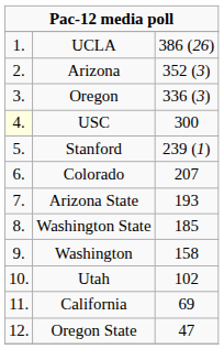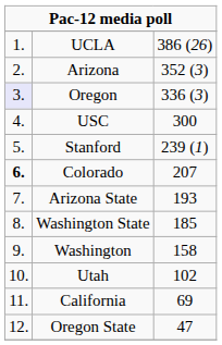 <table class="wikitable" style="display: inline-table;">
 <tr>
 <td align="center" Colspan="3"><strong>Pac-12 media poll</strong></td>
 </tr>
 <tr align="center">
 </tr>
 <tr align="center">
 <td>1.</td>
 <td ! style=>UCLA</td>
 <td>386 (<em>26</em>)</td>
 </tr>
 <tr align="center">
 <td>2.</td>
 <td ! style=>Arizona</td>
 <td>352 (<em>3</em>)</td>
 </tr>
 <tr align="center">
-<td>3.</td>
+<td style="background: lavender;">3.</td>
 <td ! style=>Oregon</td>
 <td>336 (<em>3</em>)</td>
 </tr>
 <tr align="center">
-<td style="background: lightyellow;">4.</td>
+<td>4.</td>
 <td ! style=>USC</td>
 <td>300</td>
 </tr>
 <tr align="center">
 <td>5.</td>
 <td ! style=>Stanford</td>
 <td>239 (<em>1</em>)</td>
 </tr>
 <tr align="center">
-<td>6.</td>
+<td><strong>6.</strong></td>
 <td ! style=>Colorado</td>
 <td>207</td>
 </tr>
 <tr align="center">
 <td>7.</td>
 <td ! style=>Arizona State</td>
 <td>193</td>
 </tr>
 <tr align="center">
 <td>8.</td>
 <td ! style=>Washington State</td>
 <td>185</td>
 </tr>
 <tr align="center">
 <td>9.</td>
 <td ! style=>Washington</td>
 <td>158</td>
 </tr>
 <tr align="center">
 <td>10.</td>
 <td ! style=>Utah</td>
 <td>102</td>
 </tr>
 <tr align="center">
 <td>11.</td>
 <td ! style=>California</td>
 <td>69</td>
 </tr>
 <tr align="center">
 <td>12.</td>
 <td ! style=>Oregon State</td>
 <td>47</td>
 </tr>
 <tr>
 </tr>
 </table>
